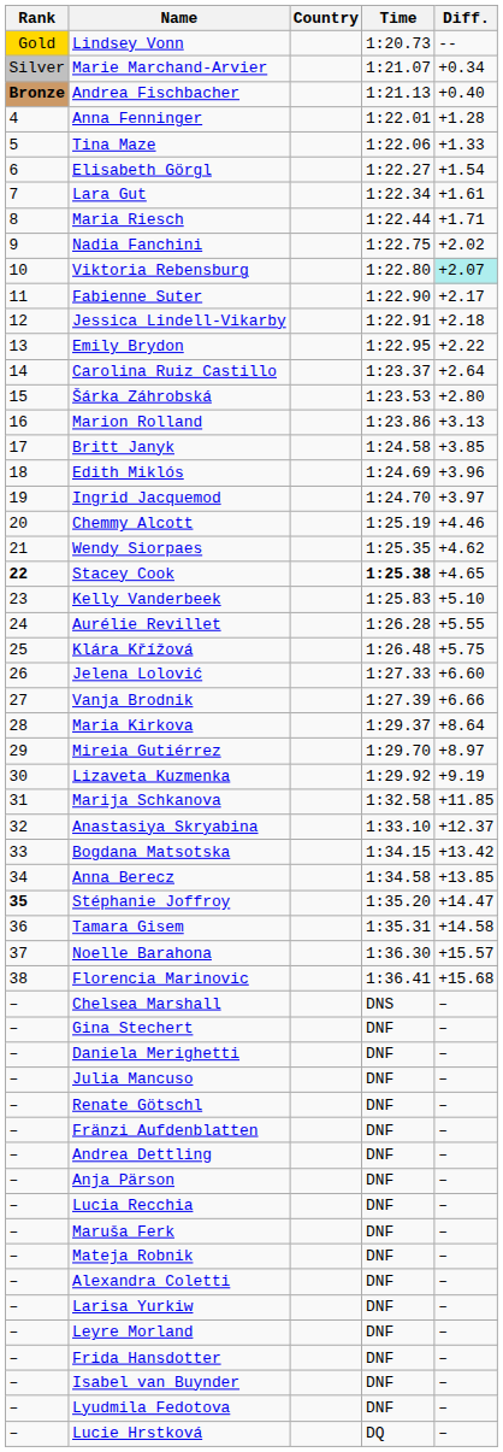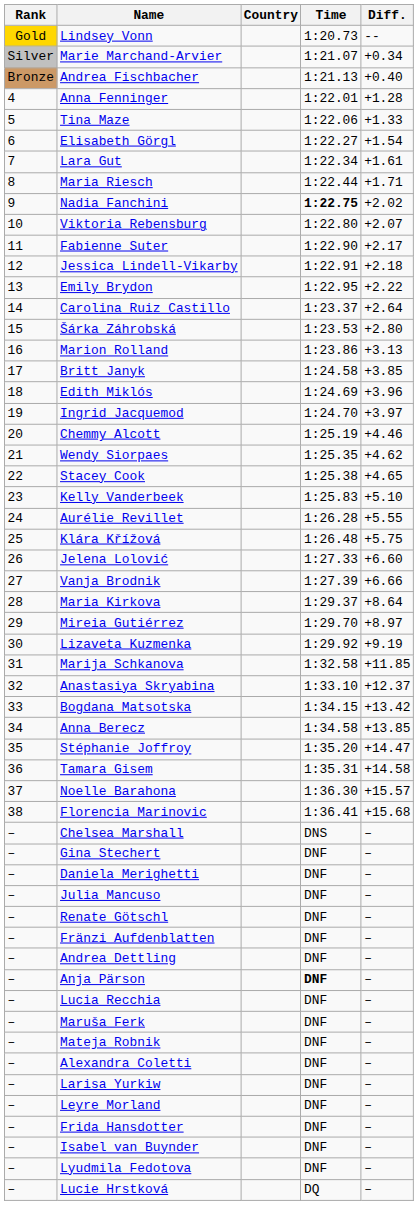 <table class="wikitable">
 <tr>
 <th>Rank</th>
 <th>Name</th>
 <th>Country</th>
 <th>Time</th>
 <th>Diff.</th>
 </tr>
 <tr>
 <td style="text-align:center;background-color:gold;">Gold</td>
 <td><a href='#'>Lindsey Vonn</a></td>
 <td></td>
 <td>1:20.73</td>
 <td>--</td>
 </tr>
 <tr>
 <td style="text-align:center;background-color:silver;">Silver</td>
 <td><a href='#'>Marie Marchand-Arvier</a></td>
 <td></td>
 <td>1:21.07</td>
 <td>+0.34</td>
 </tr>
 <tr>
-<td style="text-align:center;background-color:#CC9966;"><strong>Bronze</strong></td>
+<td style="text-align:center;background-color:#CC9966;">Bronze</td>
 <td><a href='#'>Andrea Fischbacher</a></td>
 <td></td>
 <td>1:21.13</td>
 <td>+0.40</td>
 </tr>
 <tr>
 <td>4</td>
 <td><a href='#'>Anna Fenninger</a></td>
 <td></td>
 <td>1:22.01</td>
 <td>+1.28</td>
 </tr>
 <tr>
 <td>5</td>
 <td><a href='#'>Tina Maze</a></td>
 <td></td>
 <td>1:22.06</td>
 <td>+1.33</td>
 </tr>
 <tr>
 <td>6</td>
 <td><a href='#'>Elisabeth Görgl</a></td>
 <td></td>
 <td>1:22.27</td>
 <td>+1.54</td>
 </tr>
 <tr>
 <td>7</td>
 <td><a href='#'>Lara Gut</a></td>
 <td></td>
 <td>1:22.34</td>
 <td>+1.61</td>
 </tr>
 <tr>
 <td>8</td>
 <td><a href='#'>Maria Riesch</a></td>
 <td></td>
 <td>1:22.44</td>
 <td>+1.71</td>
 </tr>
 <tr>
 <td>9</td>
 <td><a href='#'>Nadia Fanchini</a></td>
 <td></td>
-<td>1:22.75</td>
+<td><strong>1:22.75</strong></td>
 <td>+2.02</td>
 </tr>
 <tr>
 <td>10</td>
 <td><a href='#'>Viktoria Rebensburg</a></td>
 <td></td>
 <td>1:22.80</td>
-<td style="background: paleturquoise;">+2.07</td>
+<td>+2.07</td>
 </tr>
 <tr>
 <td>11</td>
 <td><a href='#'>Fabienne Suter</a></td>
 <td></td>
 <td>1:22.90</td>
 <td>+2.17</td>
 </tr>
 <tr>
 <td>12</td>
 <td><a href='#'>Jessica Lindell-Vikarby</a></td>
 <td></td>
 <td>1:22.91</td>
 <td>+2.18</td>
 </tr>
 <tr>
 <td>13</td>
 <td><a href='#'>Emily Brydon</a></td>
 <td></td>
 <td>1:22.95</td>
 <td>+2.22</td>
 </tr>
 <tr>
 <td>14</td>
 <td><a href='#'>Carolina Ruiz Castillo</a></td>
 <td></td>
 <td>1:23.37</td>
 <td>+2.64</td>
 </tr>
 <tr>
 <td>15</td>
 <td><a href='#'>Šárka Záhrobská</a></td>
 <td></td>
 <td>1:23.53</td>
 <td>+2.80</td>
 </tr>
 <tr>
 <td>16</td>
 <td><a href='#'>Marion Rolland</a></td>
 <td></td>
 <td>1:23.86</td>
 <td>+3.13</td>
 </tr>
 <tr>
 <td>17</td>
 <td><a href='#'>Britt Janyk</a></td>
 <td></td>
 <td>1:24.58</td>
 <td>+3.85</td>
 </tr>
 <tr>
 <td>18</td>
 <td><a href='#'>Edith Miklós</a></td>
 <td></td>
 <td>1:24.69</td>
 <td>+3.96</td>
 </tr>
 <tr>
 <td>19</td>
 <td><a href='#'>Ingrid Jacquemod</a></td>
 <td></td>
 <td>1:24.70</td>
 <td>+3.97</td>
 </tr>
 <tr>
 <td>20</td>
 <td><a href='#'>Chemmy Alcott</a></td>
 <td></td>
 <td>1:25.19</td>
 <td>+4.46</td>
 </tr>
 <tr>
 <td>21</td>
 <td><a href='#'>Wendy Siorpaes</a></td>
 <td></td>
 <td>1:25.35</td>
 <td>+4.62</td>
 </tr>
 <tr>
-<td><strong>22</strong></td>
+<td>22</td>
 <td><a href='#'>Stacey Cook</a></td>
 <td></td>
-<td><strong>1:25.38</strong></td>
+<td>1:25.38</td>
 <td>+4.65</td>
 </tr>
 <tr>
 <td>23</td>
 <td><a href='#'>Kelly Vanderbeek</a></td>
 <td></td>
 <td>1:25.83</td>
 <td>+5.10</td>
 </tr>
 <tr>
 <td>24</td>
 <td><a href='#'>Aurélie Revillet</a></td>
 <td></td>
 <td>1:26.28</td>
 <td>+5.55</td>
 </tr>
 <tr>
 <td>25</td>
 <td><a href='#'>Klára Křížová</a></td>
 <td></td>
 <td>1:26.48</td>
 <td>+5.75</td>
 </tr>
 <tr>
 <td>26</td>
 <td><a href='#'>Jelena Lolović</a></td>
 <td></td>
 <td>1:27.33</td>
 <td>+6.60</td>
 </tr>
 <tr>
 <td>27</td>
 <td><a href='#'>Vanja Brodnik</a></td>
 <td></td>
 <td>1:27.39</td>
 <td>+6.66</td>
 </tr>
 <tr>
 <td>28</td>
 <td><a href='#'>Maria Kirkova</a></td>
 <td></td>
 <td>1:29.37</td>
 <td>+8.64</td>
 </tr>
 <tr>
 <td>29</td>
 <td><a href='#'>Mireia Gutiérrez</a></td>
 <td></td>
 <td>1:29.70</td>
 <td>+8.97</td>
 </tr>
 <tr>
 <td>30</td>
 <td><a href='#'>Lizaveta Kuzmenka</a></td>
 <td></td>
 <td>1:29.92</td>
 <td>+9.19</td>
 </tr>
 <tr>
 <td>31</td>
 <td><a href='#'>Marija Schkanova</a></td>
 <td></td>
 <td>1:32.58</td>
 <td>+11.85</td>
 </tr>
 <tr>
 <td>32</td>
 <td><a href='#'>Anastasiya Skryabina</a></td>
 <td></td>
 <td>1:33.10</td>
 <td>+12.37</td>
 </tr>
 <tr>
 <td>33</td>
 <td><a href='#'>Bogdana Matsotska</a></td>
 <td></td>
 <td>1:34.15</td>
 <td>+13.42</td>
 </tr>
 <tr>
 <td>34</td>
 <td><a href='#'>Anna Berecz</a></td>
 <td></td>
 <td>1:34.58</td>
 <td>+13.85</td>
 </tr>
 <tr>
-<td><strong>35</strong></td>
+<td>35</td>
 <td><a href='#'>Stéphanie Joffroy</a></td>
 <td></td>
 <td>1:35.20</td>
 <td>+14.47</td>
 </tr>
 <tr>
 <td>36</td>
 <td><a href='#'>Tamara Gisem</a></td>
 <td></td>
 <td>1:35.31</td>
 <td>+14.58</td>
 </tr>
 <tr>
 <td>37</td>
 <td><a href='#'>Noelle Barahona</a></td>
 <td></td>
 <td>1:36.30</td>
 <td>+15.57</td>
 </tr>
 <tr>
 <td>38</td>
 <td><a href='#'>Florencia Marinovic</a></td>
 <td></td>
 <td>1:36.41</td>
 <td>+15.68</td>
 </tr>
 <tr>
 <td>–</td>
 <td><a href='#'>Chelsea Marshall</a></td>
 <td></td>
 <td>DNS</td>
 <td>–</td>
 </tr>
 <tr>
 <td>–</td>
 <td><a href='#'>Gina Stechert</a></td>
 <td></td>
 <td>DNF</td>
 <td>–</td>
 </tr>
 <tr>
 <td>–</td>
 <td><a href='#'>Daniela Merighetti</a></td>
 <td></td>
 <td>DNF</td>
 <td>–</td>
 </tr>
 <tr>
 <td>–</td>
 <td><a href='#'>Julia Mancuso</a></td>
 <td></td>
 <td>DNF</td>
 <td>–</td>
 </tr>
 <tr>
 <td>–</td>
 <td><a href='#'>Renate Götschl</a></td>
 <td></td>
 <td>DNF</td>
 <td>–</td>
 </tr>
 <tr>
 <td>–</td>
 <td><a href='#'>Fränzi Aufdenblatten</a></td>
 <td></td>
 <td>DNF</td>
 <td>–</td>
 </tr>
 <tr>
 <td>–</td>
 <td><a href='#'>Andrea Dettling</a></td>
 <td></td>
 <td>DNF</td>
 <td>–</td>
 </tr>
 <tr>
 <td>–</td>
 <td><a href='#'>Anja Pärson</a></td>
 <td></td>
-<td>DNF</td>
+<td><strong>DNF</strong></td>
 <td>–</td>
 </tr>
 <tr>
 <td>–</td>
 <td><a href='#'>Lucia Recchia</a></td>
 <td></td>
 <td>DNF</td>
 <td>–</td>
 </tr>
 <tr>
 <td>–</td>
 <td><a href='#'>Maruša Ferk</a></td>
 <td></td>
 <td>DNF</td>
 <td>–</td>
 </tr>
 <tr>
 <td>–</td>
 <td><a href='#'>Mateja Robnik</a></td>
 <td></td>
 <td>DNF</td>
 <td>–</td>
 </tr>
 <tr>
 <td>–</td>
 <td><a href='#'>Alexandra Coletti</a></td>
 <td></td>
 <td>DNF</td>
 <td>–</td>
 </tr>
 <tr>
 <td>–</td>
 <td><a href='#'>Larisa Yurkiw</a></td>
 <td></td>
 <td>DNF</td>
 <td>–</td>
 </tr>
 <tr>
 <td>–</td>
 <td><a href='#'>Leyre Morland</a></td>
 <td></td>
 <td>DNF</td>
 <td>–</td>
 </tr>
 <tr>
 <td>–</td>
 <td><a href='#'>Frida Hansdotter</a></td>
 <td></td>
 <td>DNF</td>
 <td>–</td>
 </tr>
 <tr>
 <td>–</td>
 <td><a href='#'>Isabel van Buynder</a></td>
 <td></td>
 <td>DNF</td>
 <td>–</td>
 </tr>
 <tr>
 <td>–</td>
 <td><a href='#'>Lyudmila Fedotova</a></td>
 <td></td>
 <td>DNF</td>
 <td>–</td>
 </tr>
 <tr>
 <td>–</td>
 <td><a href='#'>Lucie Hrstková</a></td>
 <td></td>
 <td>DQ</td>
 <td>–</td>
 </tr>
 </table>
